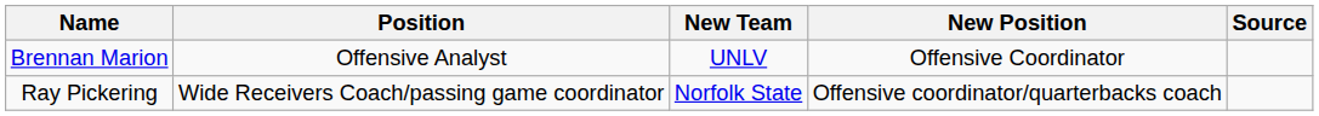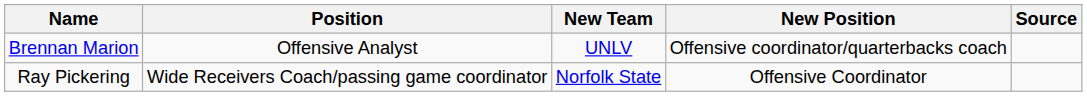 <table class="wikitable">
 <tr>
 <th style="text-align:center; ">Name</th>
 <th style="text-align:center; ">Position</th>
 <th style="text-align:center; ">New Team</th>
 <th style="text-align:center; ">New Position</th>
 <th style="text-align:center; ">Source</th>
 </tr>
 <tr align="center">
 <td><a href='#'>Brennan Marion</a></td>
 <td>Offensive Analyst</td>
 <td><a href='#'>UNLV</a></td>
-<td>Offensive Coordinator</td>
+<td>Offensive coordinator/quarterbacks coach</td>
 <td></td>
 </tr>
 <tr align="center">
 <td>Ray Pickering</td>
 <td>Wide Receivers Coach/passing game coordinator</td>
 <td><a href='#'>Norfolk State</a></td>
-<td>Offensive coordinator/quarterbacks coach</td>
+<td>Offensive Coordinator</td>
 <td></td>
 </tr>
 </table>
